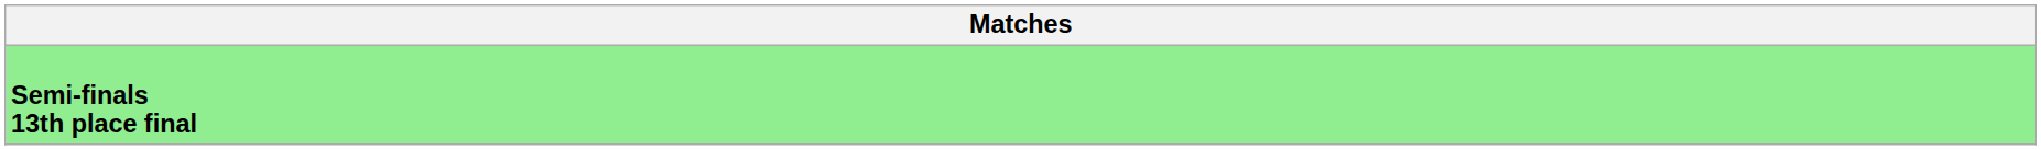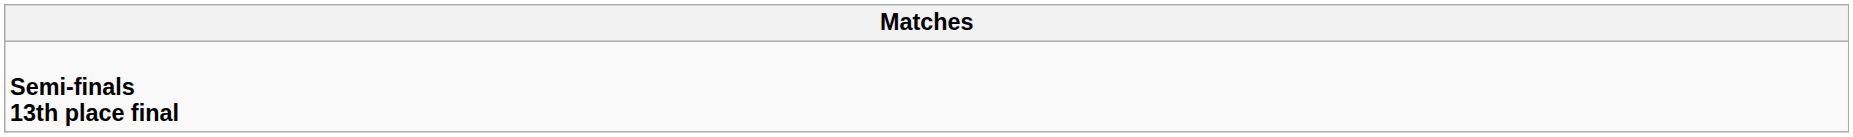 <table class="wikitable collapsible collapsed" style="width:100%;">
 <tr>
 <th>Matches</th>
 </tr>
 <tr>
-<td style="background: lightgreen;"><br><strong>Semi-finals</strong>  <br><strong>13th place final</strong> </td>
+<td><br><strong>Semi-finals</strong>  <br><strong>13th place final</strong> </td>
 </tr>
 </table>
